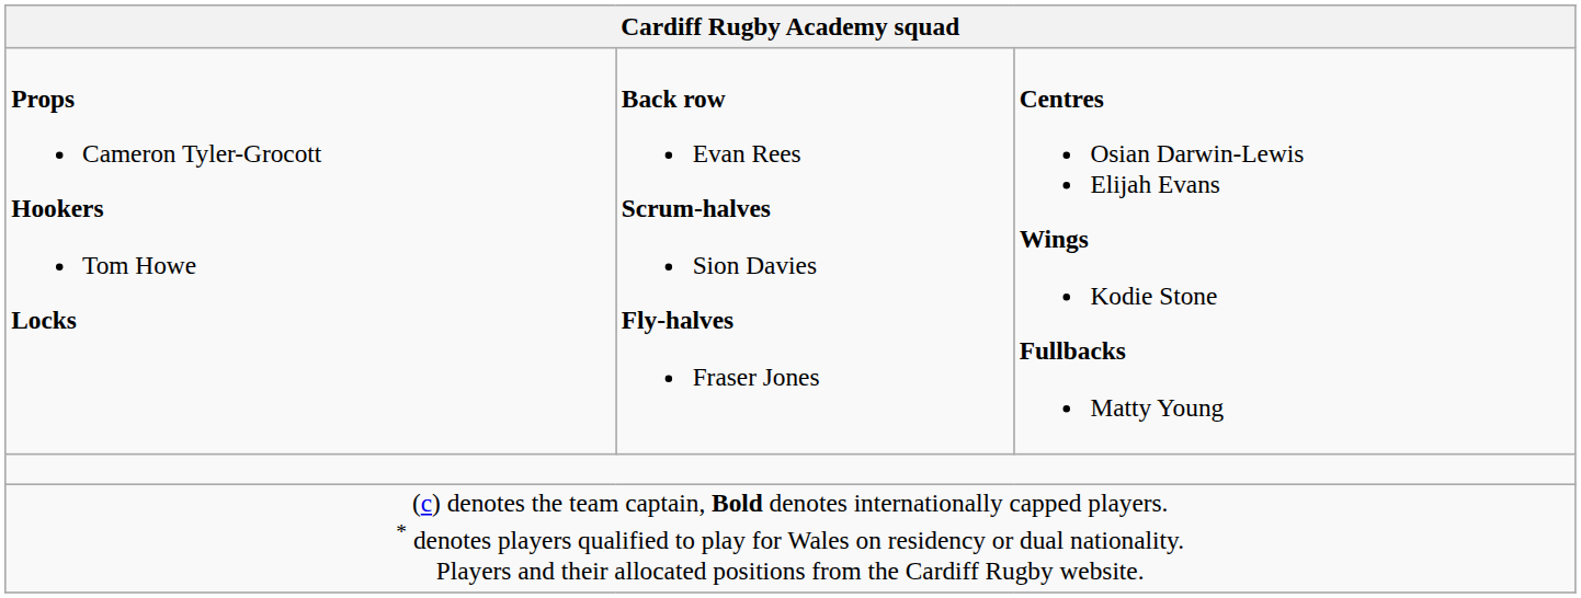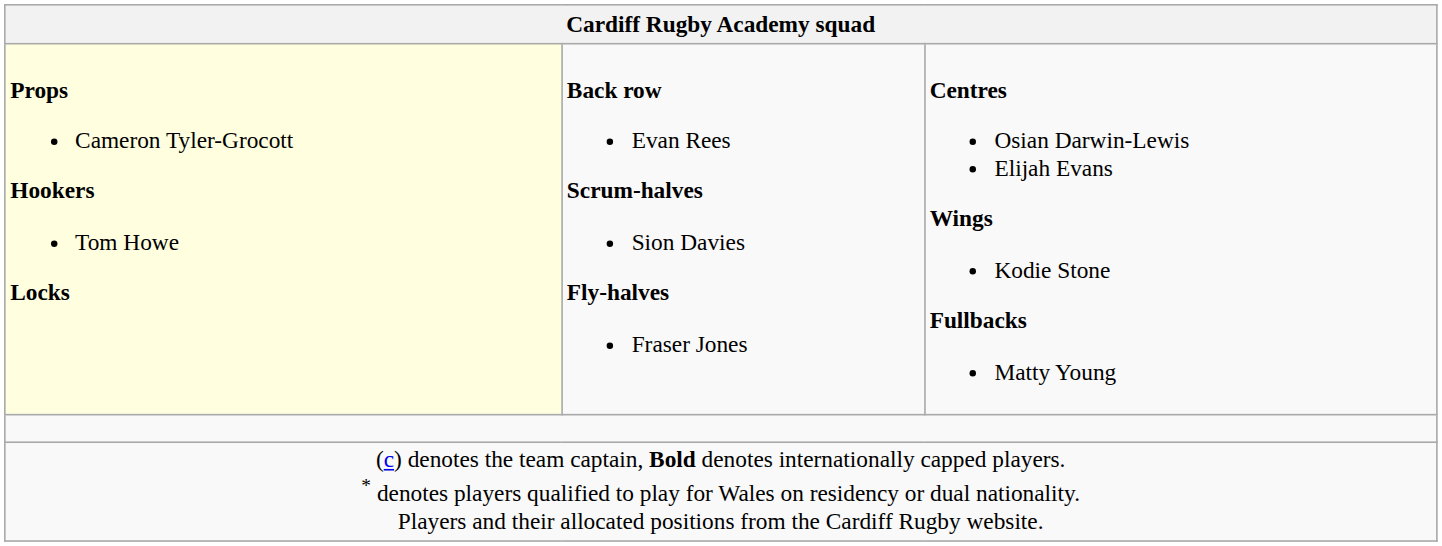 <table class="wikitable" style="text-align:left; font-size:90%; width:70%">
 <tr>
 <th colspan="100">Cardiff Rugby Academy squad</th>
 </tr>
 <tr valign="top">
-<td><br><strong>Props</strong><ul><li> Cameron Tyler-Grocott</li></ul><strong>Hookers</strong><ul><li> Tom Howe</li></ul><strong>Locks</strong></td>
+<td style="background: lightyellow;"><br><strong>Props</strong><ul><li> Cameron Tyler-Grocott</li></ul><strong>Hookers</strong><ul><li> Tom Howe</li></ul><strong>Locks</strong></td>
 <td><br><strong>Back row</strong><ul><li> Evan Rees</li></ul><strong>Scrum-halves</strong><ul><li> Sion Davies</li></ul><strong>Fly-halves</strong><ul><li> Fraser Jones</li></ul></td>
 <td><br><strong>Centres</strong><ul><li> Osian Darwin-Lewis</li><li> Elijah Evans</li></ul><strong>Wings</strong><ul><li> Kodie Stone</li></ul><strong>Fullbacks</strong><ul><li> Matty Young</li></ul></td>
 </tr>
 <tr>
 <td style="height: 10px;" colspan="100"></td>
 </tr>
 <tr>
 <td style="text-align:center;" colspan="100">(<a href='#'>c</a>) denotes the team captain, <strong>Bold</strong> denotes internationally capped players. <br> <sup>*</sup> denotes players qualified to play for Wales on residency or dual nationality. <br> Players and their allocated positions from the Cardiff Rugby website.</td>
 </tr>
 </table>
